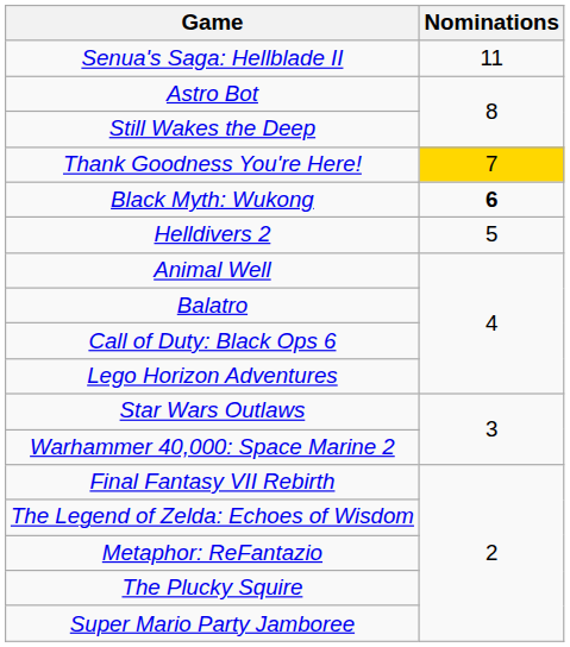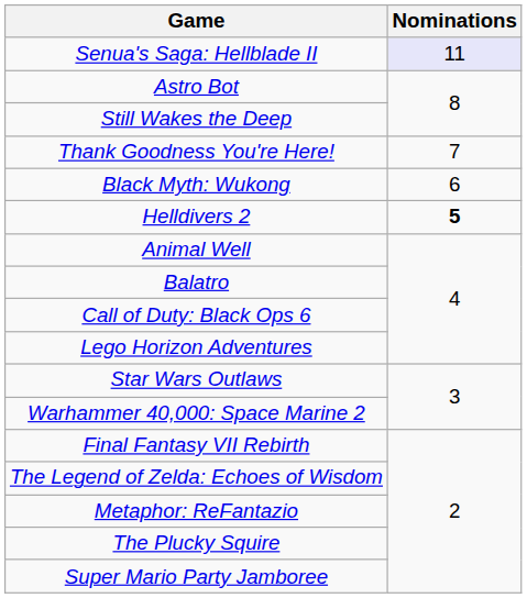 <table class="wikitable sortable plainrowheaders" style="text-align:center">
 <tr>
 <th scope="col" align="center">Game</th>
 <th scope="col" width="55">Nominations</th>
 </tr>
 <tr>
 <td><em><a href='#'>Senua's Saga: Hellblade II</a></em></td>
-<td>11</td>
+<td style="background: lavender;">11</td>
 </tr>
 <tr>
 <td><em><a href='#'>Astro Bot</a></em></td>
 <td rowspan=2>8</td>
 </tr>
 <tr>
 <td><em><a href='#'>Still Wakes the Deep</a></em></td>
 </tr>
 <tr>
 <td><em><a href='#'>Thank Goodness You're Here!</a></em></td>
-<td style="background: gold;">7</td>
+<td>7</td>
 </tr>
 <tr>
 <td><em><a href='#'>Black Myth: Wukong</a></em></td>
-<td><strong>6</strong></td>
+<td>6</td>
 </tr>
 <tr>
 <td><em><a href='#'>Helldivers 2</a></em></td>
-<td>5</td>
+<td><strong>5</strong></td>
 </tr>
 <tr>
 <td><em><a href='#'>Animal Well</a></em></td>
 <td rowspan=4>4</td>
 </tr>
 <tr>
 <td><em><a href='#'>Balatro</a></em></td>
 </tr>
 <tr>
 <td><em><a href='#'>Call of Duty: Black Ops 6</a></em></td>
 </tr>
 <tr>
 <td><em><a href='#'>Lego Horizon Adventures</a></em></td>
 </tr>
 <tr>
 <td><em><a href='#'>Star Wars Outlaws</a></em></td>
 <td rowspan=2>3</td>
 </tr>
 <tr>
 <td><em><a href='#'>Warhammer 40,000: Space Marine 2</a></em></td>
 </tr>
 <tr>
 <td><em><a href='#'>Final Fantasy VII Rebirth</a></em></td>
 <td rowspan=5>2</td>
 </tr>
 <tr>
 <td><em><a href='#'>The Legend of Zelda: Echoes of Wisdom</a></em></td>
 </tr>
 <tr>
 <td><em><a href='#'>Metaphor: ReFantazio</a></em></td>
 </tr>
 <tr>
 <td><em><a href='#'>The Plucky Squire</a></em></td>
 </tr>
 <tr>
 <td><em><a href='#'>Super Mario Party Jamboree</a></em></td>
 </tr>
 </table>
